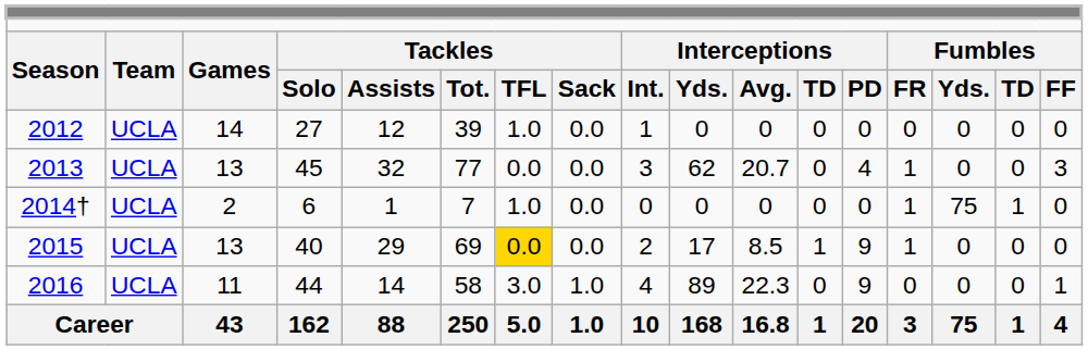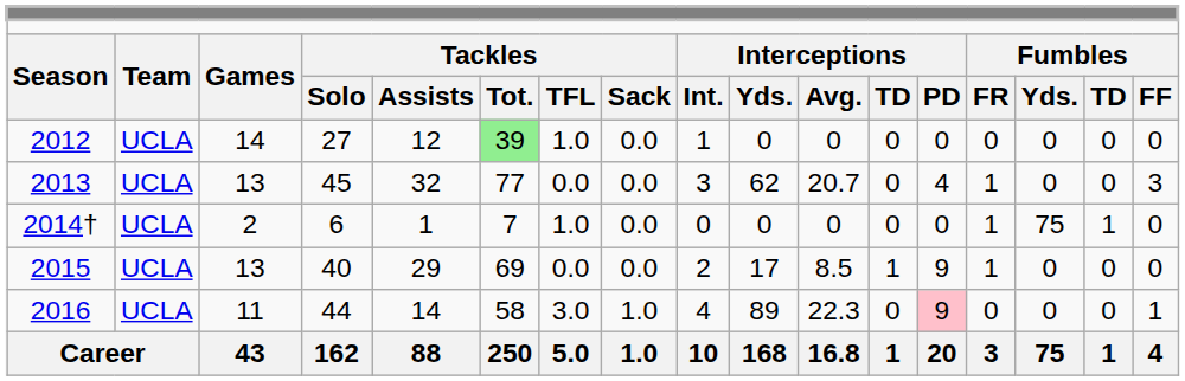 <table class="wikitable" style="text-align:center;">
 <tr>
 <td ! colspan="20" style="background:gray; border:2px solid silver; color:white;"></td>
 </tr>
 <tr>
 <td ! colspan="20"></td>
 </tr>
 <tr>
 <th rowspan=2>Season</th>
 <th rowspan=2>Team</th>
 <th rowspan=2>Games</th>
 <th colspan=5>Tackles</th>
 <th colspan=5>Interceptions</th>
 <th colspan=5>Fumbles</th>
 </tr>
 <tr>
 <th>Solo</th>
 <th>Assists</th>
 <th>Tot.</th>
 <th>TFL</th>
 <th>Sack</th>
 <th>Int.</th>
 <th>Yds.</th>
 <th>Avg.</th>
 <th>TD</th>
 <th>PD</th>
 <th>FR</th>
 <th>Yds.</th>
 <th>TD</th>
 <th>FF</th>
 </tr>
 <tr>
 <td><a href='#'>2012</a></td>
 <td><a href='#'>UCLA</a></td>
 <td>14</td>
 <td>27</td>
 <td>12</td>
-<td>39</td>
+<td style="background: lightgreen;">39</td>
 <td>1.0</td>
 <td>0.0</td>
 <td>1</td>
 <td>0</td>
 <td>0</td>
 <td>0</td>
 <td>0</td>
 <td>0</td>
 <td>0</td>
 <td>0</td>
 <td>0</td>
 </tr>
 <tr>
 <td><a href='#'>2013</a></td>
 <td><a href='#'>UCLA</a></td>
 <td>13</td>
 <td>45</td>
 <td>32</td>
 <td>77</td>
 <td>0.0</td>
 <td>0.0</td>
 <td>3</td>
 <td>62</td>
 <td>20.7</td>
 <td>0</td>
 <td>4</td>
 <td>1</td>
 <td>0</td>
 <td>0</td>
 <td>3</td>
 </tr>
 <tr>
 <td><a href='#'>2014</a>†</td>
 <td><a href='#'>UCLA</a></td>
 <td>2</td>
 <td>6</td>
 <td>1</td>
 <td>7</td>
 <td>1.0</td>
 <td>0.0</td>
 <td>0</td>
 <td>0</td>
 <td>0</td>
 <td>0</td>
 <td>0</td>
 <td>1</td>
 <td>75</td>
 <td>1</td>
 <td>0</td>
 </tr>
 <tr>
 <td><a href='#'>2015</a></td>
 <td><a href='#'>UCLA</a></td>
 <td>13</td>
 <td>40</td>
 <td>29</td>
 <td>69</td>
-<td style="background: gold;">0.0</td>
+<td>0.0</td>
 <td>0.0</td>
 <td>2</td>
 <td>17</td>
 <td>8.5</td>
 <td>1</td>
 <td>9</td>
 <td>1</td>
 <td>0</td>
 <td>0</td>
 <td>0</td>
 </tr>
 <tr>
 <td><a href='#'>2016</a></td>
 <td><a href='#'>UCLA</a></td>
 <td>11</td>
 <td>44</td>
 <td>14</td>
 <td>58</td>
 <td>3.0</td>
 <td>1.0</td>
 <td>4</td>
 <td>89</td>
 <td>22.3</td>
 <td>0</td>
-<td>9</td>
+<td style="background: pink;">9</td>
 <td>0</td>
 <td>0</td>
 <td>0</td>
 <td>1</td>
 </tr>
 <tr>
 <th colspan=2>Career</th>
 <th>43</th>
 <th>162</th>
 <th>88</th>
 <th>250</th>
 <th>5.0</th>
 <th>1.0</th>
 <th>10</th>
 <th>168</th>
 <th>16.8</th>
 <th>1</th>
 <th>20</th>
 <th>3</th>
 <th>75</th>
 <th>1</th>
 <th>4</th>
 </tr>
 </table>
